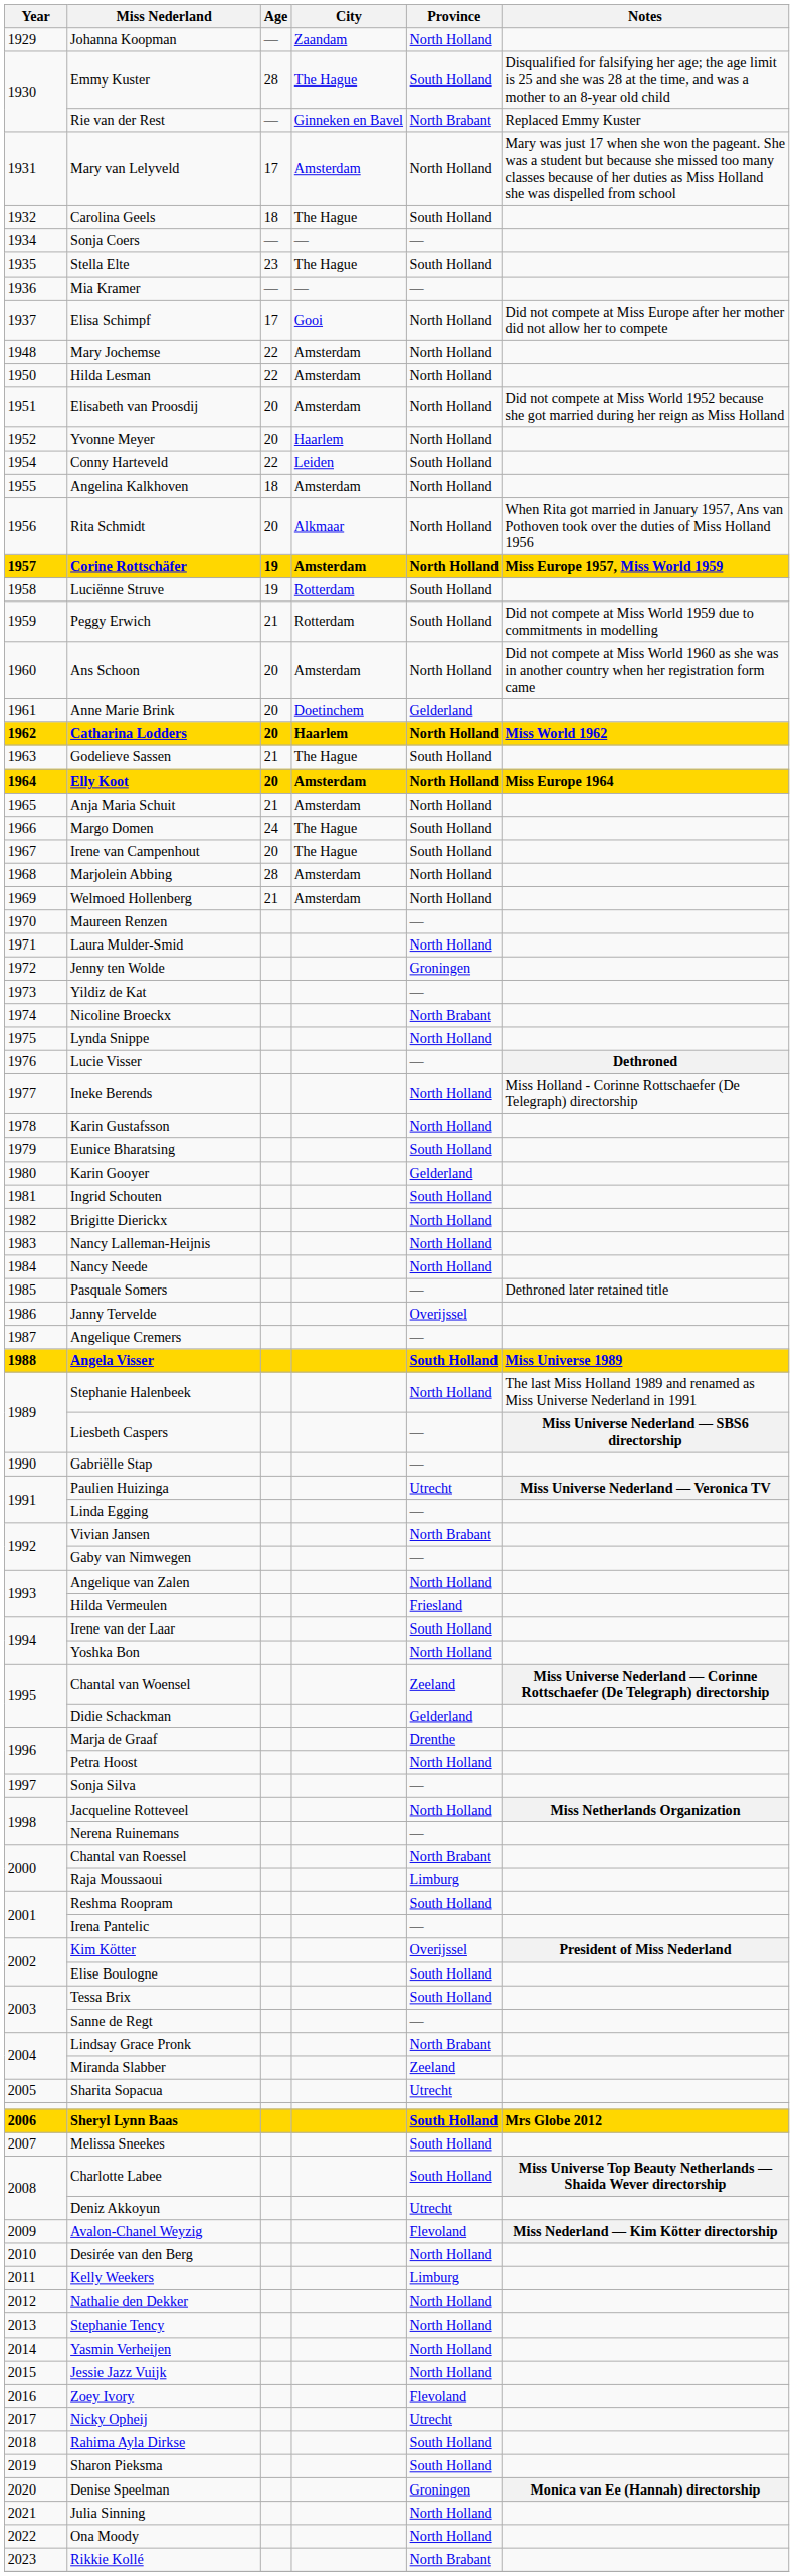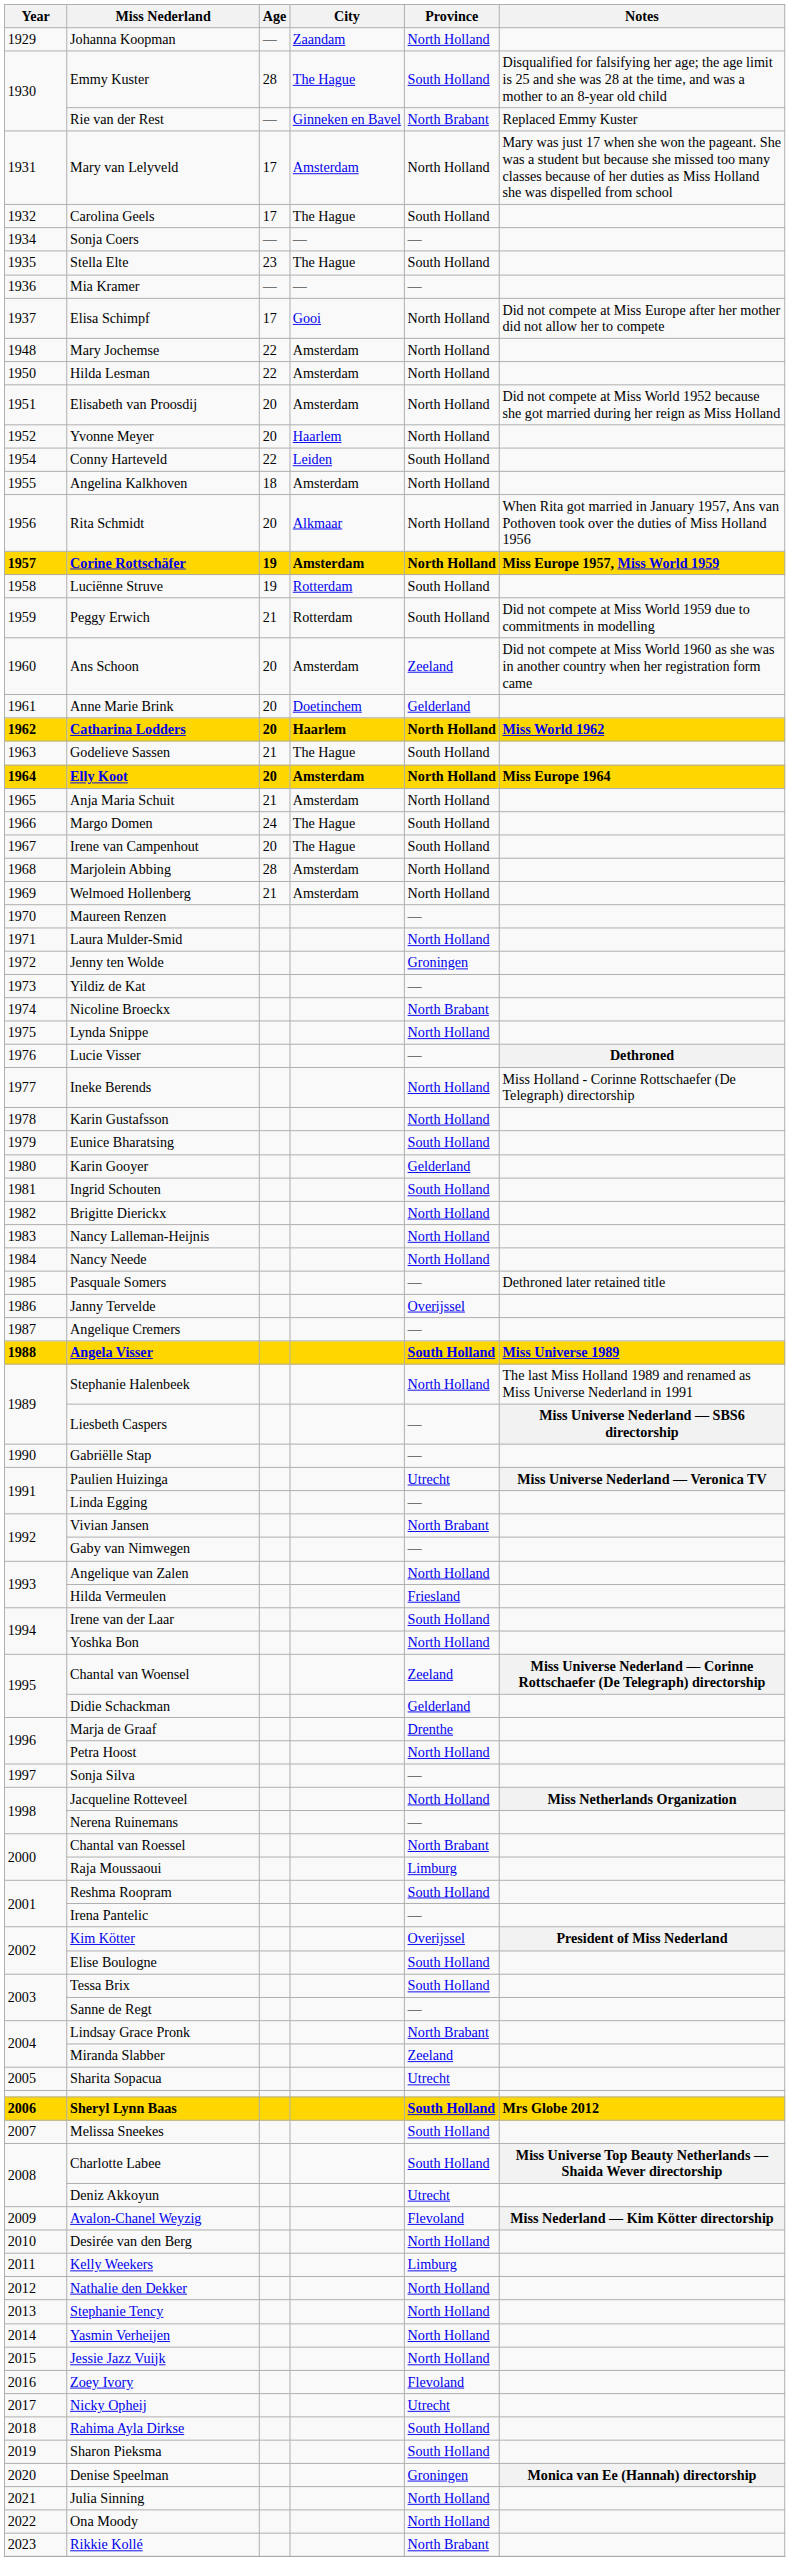 <table class="wikitable sortable" style="font-size: 95%;">
 <tr>
 <th width="60">Year</th>
 <th width="200">Miss Nederland</th>
 <th>Age</th>
 <th>City</th>
 <th>Province</th>
 <th width="300">Notes</th>
 </tr>
 <tr>
 <td>1929</td>
 <td>Johanna Koopman</td>
 <td>—</td>
 <td><a href='#'>Zaandam</a></td>
 <td><a href='#'>North Holland</a></td>
 <td></td>
 </tr>
 <tr>
 <td rowspan="2">1930</td>
 <td>Emmy Kuster</td>
 <td>28</td>
 <td><a href='#'>The Hague</a></td>
 <td><a href='#'>South Holland</a></td>
 <td>Disqualified for falsifying her age; the age limit is 25 and she was 28 at the time, and was a mother to an 8-year old child</td>
 </tr>
 <tr>
 <td>Rie van der Rest</td>
 <td>—</td>
 <td><a href='#'>Ginneken en Bavel</a></td>
 <td><a href='#'>North Brabant</a></td>
 <td>Replaced Emmy Kuster</td>
 </tr>
 <tr>
 <td>1931</td>
 <td>Mary van Lelyveld</td>
 <td>17</td>
 <td><a href='#'>Amsterdam</a></td>
 <td>North Holland</td>
 <td>Mary was just 17 when she won the pageant. She was a student but because she missed too many classes because of her duties as Miss Holland she was dispelled from school</td>
 </tr>
 <tr>
 <td>1932</td>
 <td>Carolina Geels</td>
-<td>18</td>
+<td>17</td>
 <td>The Hague</td>
 <td>South Holland</td>
 <td></td>
 </tr>
 <tr>
 <td>1934</td>
 <td>Sonja Coers</td>
 <td>—</td>
 <td>—</td>
 <td>—</td>
 <td></td>
 </tr>
 <tr>
 <td>1935</td>
 <td>Stella Elte</td>
 <td>23</td>
 <td>The Hague</td>
 <td>South Holland</td>
 <td></td>
 </tr>
 <tr>
 <td>1936</td>
 <td>Mia Kramer</td>
 <td>—</td>
 <td>—</td>
 <td>—</td>
 <td></td>
 </tr>
 <tr>
 <td>1937</td>
 <td>Elisa Schimpf</td>
 <td>17</td>
 <td><a href='#'>Gooi</a></td>
 <td>North Holland</td>
 <td>Did not compete at Miss Europe after her mother did not allow her to compete</td>
 </tr>
 <tr>
 <td>1948</td>
 <td>Mary Jochemse</td>
 <td>22</td>
 <td>Amsterdam</td>
 <td>North Holland</td>
 <td></td>
 </tr>
 <tr>
 <td>1950</td>
 <td>Hilda Lesman</td>
 <td>22</td>
 <td>Amsterdam</td>
 <td>North Holland</td>
 <td></td>
 </tr>
 <tr>
 <td>1951</td>
 <td>Elisabeth van Proosdij</td>
 <td>20</td>
 <td>Amsterdam</td>
 <td>North Holland</td>
 <td>Did not compete at Miss World 1952 because she got married during her reign as Miss Holland</td>
 </tr>
 <tr>
 <td>1952</td>
 <td>Yvonne Meyer</td>
 <td>20</td>
 <td><a href='#'>Haarlem</a></td>
 <td>North Holland</td>
 <td></td>
 </tr>
 <tr>
 <td>1954</td>
 <td>Conny Harteveld</td>
 <td>22</td>
 <td><a href='#'>Leiden</a></td>
 <td>South Holland</td>
 <td></td>
 </tr>
 <tr>
 <td>1955</td>
 <td>Angelina Kalkhoven</td>
 <td>18</td>
 <td>Amsterdam</td>
 <td>North Holland</td>
 <td></td>
 </tr>
 <tr>
 <td>1956</td>
 <td>Rita Schmidt</td>
 <td>20</td>
 <td><a href='#'>Alkmaar</a></td>
 <td>North Holland</td>
 <td>When Rita got married in January 1957, Ans van Pothoven took over the duties of Miss Holland 1956</td>
 </tr>
 <tr style="background-color:gold; font-weight: bold ">
 <td>1957</td>
 <td><a href='#'>Corine Rottschäfer</a></td>
 <td>19</td>
 <td>Amsterdam</td>
 <td>North Holland</td>
 <td>Miss Europe 1957, <a href='#'>Miss World 1959</a></td>
 </tr>
 <tr>
 <td>1958</td>
 <td>Luciënne Struve</td>
 <td>19</td>
 <td><a href='#'>Rotterdam</a></td>
 <td>South Holland</td>
 <td></td>
 </tr>
 <tr>
 <td>1959</td>
 <td>Peggy Erwich</td>
 <td>21</td>
 <td>Rotterdam</td>
 <td>South Holland</td>
 <td>Did not compete at Miss World 1959 due to commitments in modelling</td>
 </tr>
 <tr>
 <td>1960</td>
 <td>Ans Schoon</td>
 <td>20</td>
 <td>Amsterdam</td>
-<td>North Holland</td>
+<td><a href='#'>Zeeland</a></td>
 <td>Did not compete at Miss World 1960 as she was in another country when her registration form came</td>
 </tr>
 <tr>
 <td>1961</td>
 <td>Anne Marie Brink</td>
 <td>20</td>
 <td><a href='#'>Doetinchem</a></td>
 <td><a href='#'>Gelderland</a></td>
 <td></td>
 </tr>
 <tr style="background-color:gold; font-weight: bold ">
 <td>1962</td>
 <td><a href='#'>Catharina Lodders</a></td>
 <td>20</td>
 <td>Haarlem</td>
 <td>North Holland</td>
 <td><a href='#'>Miss World 1962</a></td>
 </tr>
 <tr>
 <td>1963</td>
 <td>Godelieve Sassen</td>
 <td>21</td>
 <td>The Hague</td>
 <td>South Holland</td>
 <td></td>
 </tr>
 <tr style="background-color:gold; font-weight: bold ">
 <td>1964</td>
 <td><a href='#'>Elly Koot</a></td>
 <td>20</td>
 <td>Amsterdam</td>
 <td>North Holland</td>
 <td>Miss Europe 1964</td>
 </tr>
 <tr>
 <td>1965</td>
 <td>Anja Maria Schuit</td>
 <td>21</td>
 <td>Amsterdam</td>
 <td>North Holland</td>
 <td></td>
 </tr>
 <tr>
 <td>1966</td>
 <td>Margo Domen</td>
 <td>24</td>
 <td>The Hague</td>
 <td>South Holland</td>
 <td></td>
 </tr>
 <tr>
 <td>1967</td>
 <td>Irene van Campenhout</td>
 <td>20</td>
 <td>The Hague</td>
 <td>South Holland</td>
 <td></td>
 </tr>
 <tr>
 <td>1968</td>
 <td>Marjolein Abbing</td>
 <td>28</td>
 <td>Amsterdam</td>
 <td>North Holland</td>
 <td></td>
 </tr>
 <tr>
 <td>1969</td>
 <td>Welmoed Hollenberg</td>
 <td>21</td>
 <td>Amsterdam</td>
 <td>North Holland</td>
 <td></td>
 </tr>
 <tr>
 <td>1970</td>
 <td>Maureen Renzen</td>
 <td></td>
 <td></td>
 <td>—</td>
 <td></td>
 </tr>
 <tr>
 <td>1971</td>
 <td>Laura Mulder-Smid</td>
 <td></td>
 <td></td>
 <td><a href='#'>North Holland</a></td>
 <td></td>
 </tr>
 <tr>
 <td>1972</td>
 <td>Jenny ten Wolde</td>
 <td></td>
 <td></td>
 <td><a href='#'>Groningen</a></td>
 <td></td>
 </tr>
 <tr>
 <td>1973</td>
 <td>Yildiz de Kat</td>
 <td></td>
 <td></td>
 <td>—</td>
 <td></td>
 </tr>
 <tr>
 <td>1974</td>
 <td>Nicoline Broeckx</td>
 <td></td>
 <td></td>
 <td><a href='#'>North Brabant</a></td>
 <td></td>
 </tr>
 <tr>
 <td>1975</td>
 <td>Lynda Snippe</td>
 <td></td>
 <td></td>
 <td><a href='#'>North Holland</a></td>
 <td></td>
 </tr>
 <tr>
 <td>1976</td>
 <td>Lucie Visser</td>
 <td></td>
 <td></td>
 <td>—</td>
 <th>Dethroned</th>
 </tr>
 <tr>
 <td>1977</td>
 <td>Ineke Berends</td>
 <td></td>
 <td></td>
 <td><a href='#'>North Holland</a></td>
 <td>Miss Holland - Corinne Rottschaefer (De Telegraph) directorship</td>
 </tr>
 <tr>
 <td>1978</td>
 <td>Karin Gustafsson</td>
 <td></td>
 <td></td>
 <td><a href='#'>North Holland</a></td>
 <td></td>
 </tr>
 <tr>
 <td>1979</td>
 <td>Eunice Bharatsing</td>
 <td></td>
 <td></td>
 <td><a href='#'>South Holland</a></td>
 <td></td>
 </tr>
 <tr>
 <td>1980</td>
 <td>Karin Gooyer</td>
 <td></td>
 <td></td>
 <td><a href='#'>Gelderland</a></td>
 <td></td>
 </tr>
 <tr>
 <td>1981</td>
 <td>Ingrid Schouten</td>
 <td></td>
 <td></td>
 <td><a href='#'>South Holland</a></td>
 <td></td>
 </tr>
 <tr>
 <td>1982</td>
 <td>Brigitte Dierickx</td>
 <td></td>
 <td></td>
 <td><a href='#'>North Holland</a></td>
 <td></td>
 </tr>
 <tr>
 <td>1983</td>
 <td>Nancy Lalleman-Heijnis</td>
 <td></td>
 <td></td>
 <td><a href='#'>North Holland</a></td>
 <td></td>
 </tr>
 <tr>
 <td>1984</td>
 <td>Nancy Neede</td>
 <td></td>
 <td></td>
 <td><a href='#'>North Holland</a></td>
 <td></td>
 </tr>
 <tr>
 <td>1985</td>
 <td>Pasquale Somers</td>
 <td></td>
 <td></td>
 <td>—</td>
 <td>Dethroned later retained title</td>
 </tr>
 <tr>
 <td>1986</td>
 <td>Janny Tervelde</td>
 <td></td>
 <td></td>
 <td><a href='#'>Overijssel</a></td>
 <td></td>
 </tr>
 <tr>
 <td>1987</td>
 <td>Angelique Cremers</td>
 <td></td>
 <td></td>
 <td>—</td>
 <td></td>
 </tr>
 <tr style="background-color:gold; font-weight: bold ">
 <td>1988</td>
 <td><a href='#'>Angela Visser</a></td>
 <td></td>
 <td></td>
 <td><a href='#'>South Holland</a></td>
 <td><a href='#'>Miss Universe 1989</a></td>
 </tr>
 <tr>
 <td rowspan=2>1989</td>
 <td>Stephanie Halenbeek</td>
 <td></td>
 <td></td>
 <td><a href='#'>North Holland</a></td>
 <td>The last Miss Holland 1989 and renamed as Miss Universe Nederland in 1991</td>
 </tr>
 <tr>
 <td>Liesbeth Caspers</td>
 <td></td>
 <td></td>
 <td>—</td>
 <th>Miss Universe Nederland — SBS6 directorship</th>
 </tr>
 <tr>
 <td>1990</td>
 <td>Gabriëlle Stap</td>
 <td></td>
 <td></td>
 <td>—</td>
 <td></td>
 </tr>
 <tr>
 <td rowspan=2>1991</td>
 <td>Paulien Huizinga</td>
 <td></td>
 <td></td>
 <td><a href='#'>Utrecht</a></td>
 <th>Miss Universe Nederland — Veronica TV</th>
 </tr>
 <tr>
 <td>Linda Egging</td>
 <td></td>
 <td></td>
 <td>—</td>
 <td></td>
 </tr>
 <tr>
 <td rowspan=2>1992</td>
 <td>Vivian Jansen</td>
 <td></td>
 <td></td>
 <td><a href='#'>North Brabant</a></td>
 <td></td>
 </tr>
 <tr>
 <td>Gaby van Nimwegen</td>
 <td></td>
 <td></td>
 <td>—</td>
 <td></td>
 </tr>
 <tr>
 <td rowspan=2>1993</td>
 <td>Angelique van Zalen</td>
 <td></td>
 <td></td>
 <td><a href='#'>North Holland</a></td>
 <td></td>
 </tr>
 <tr>
 <td>Hilda Vermeulen</td>
 <td></td>
 <td></td>
 <td><a href='#'>Friesland</a></td>
 <td></td>
 </tr>
 <tr>
 <td rowspan=2>1994</td>
 <td>Irene van der Laar</td>
 <td></td>
 <td></td>
 <td><a href='#'>South Holland</a></td>
 <td></td>
 </tr>
 <tr>
 <td>Yoshka Bon</td>
 <td></td>
 <td></td>
 <td><a href='#'>North Holland</a></td>
 <td></td>
 </tr>
 <tr>
 <td rowspan=2>1995</td>
 <td>Chantal van Woensel</td>
 <td></td>
 <td></td>
 <td><a href='#'>Zeeland</a></td>
 <th>Miss Universe Nederland — Corinne Rottschaefer (De Telegraph) directorship</th>
 </tr>
 <tr>
 <td>Didie Schackman</td>
 <td></td>
 <td></td>
 <td><a href='#'>Gelderland</a></td>
 <td></td>
 </tr>
 <tr>
 <td rowspan=2>1996</td>
 <td>Marja de Graaf</td>
 <td></td>
 <td></td>
 <td><a href='#'>Drenthe</a></td>
 <td></td>
 </tr>
 <tr>
 <td>Petra Hoost</td>
 <td></td>
 <td></td>
 <td><a href='#'>North Holland</a></td>
 <td></td>
 </tr>
 <tr>
 <td>1997</td>
 <td>Sonja Silva</td>
 <td></td>
 <td></td>
 <td>—</td>
 <td></td>
 </tr>
 <tr>
 <td rowspan=2>1998</td>
 <td>Jacqueline Rotteveel</td>
 <td></td>
 <td></td>
 <td><a href='#'>North Holland</a></td>
 <th>Miss Netherlands Organization</th>
 </tr>
 <tr>
 <td>Nerena Ruinemans</td>
 <td></td>
 <td></td>
 <td>—</td>
 <td></td>
 </tr>
 <tr>
 <td rowspan=2>2000</td>
 <td>Chantal van Roessel</td>
 <td></td>
 <td></td>
 <td><a href='#'>North Brabant</a></td>
 <td></td>
 </tr>
 <tr>
 <td>Raja Moussaoui</td>
 <td></td>
 <td></td>
 <td><a href='#'>Limburg</a></td>
 <td></td>
 </tr>
 <tr>
 <td rowspan=2>2001</td>
 <td>Reshma Roopram</td>
 <td></td>
 <td></td>
 <td><a href='#'>South Holland</a></td>
 <td></td>
 </tr>
 <tr>
 <td>Irena Pantelic</td>
 <td></td>
 <td></td>
 <td>—</td>
 <td></td>
 </tr>
 <tr>
 <td rowspan=2>2002</td>
 <td><a href='#'>Kim Kötter</a></td>
 <td></td>
 <td></td>
 <td><a href='#'>Overijssel</a></td>
 <th>President of Miss Nederland</th>
 </tr>
 <tr>
 <td>Elise Boulogne</td>
 <td></td>
 <td></td>
 <td><a href='#'>South Holland</a></td>
 <td></td>
 </tr>
 <tr>
 <td rowspan=2>2003</td>
 <td>Tessa Brix</td>
 <td></td>
 <td></td>
 <td><a href='#'>South Holland</a></td>
 <td></td>
 </tr>
 <tr>
 <td>Sanne de Regt</td>
 <td></td>
 <td></td>
 <td>—</td>
 <td></td>
 </tr>
 <tr>
 <td rowspan=2>2004</td>
 <td>Lindsay Grace Pronk</td>
 <td></td>
 <td></td>
 <td><a href='#'>North Brabant</a></td>
 <td></td>
 </tr>
 <tr>
 <td>Miranda Slabber</td>
 <td></td>
 <td></td>
 <td><a href='#'>Zeeland</a></td>
 <td></td>
 </tr>
 <tr>
 <td>2005</td>
 <td>Sharita Sopacua</td>
 <td></td>
 <td></td>
 <td><a href='#'>Utrecht</a></td>
 <td></td>
 </tr>
 <tr>
 <td></td>
 <td></td>
 <td></td>
 <td></td>
 <td></td>
 </tr>
 <tr style="background-color:gold; font-weight: bold ">
 <td>2006</td>
 <td>Sheryl Lynn Baas</td>
 <td></td>
 <td></td>
 <td><a href='#'>South Holland</a></td>
 <td>Mrs Globe 2012</td>
 </tr>
 <tr>
 <td>2007</td>
 <td>Melissa Sneekes</td>
 <td></td>
 <td></td>
 <td><a href='#'>South Holland</a></td>
 <td></td>
 </tr>
 <tr>
 <td rowspan=2>2008</td>
 <td>Charlotte Labee</td>
 <td></td>
 <td></td>
 <td><a href='#'>South Holland</a></td>
 <th>Miss Universe Top Beauty Netherlands — Shaida Wever directorship</th>
 </tr>
 <tr>
 <td>Deniz Akkoyun</td>
 <td></td>
 <td></td>
 <td><a href='#'>Utrecht</a></td>
 <td></td>
 </tr>
 <tr>
 <td>2009</td>
 <td><a href='#'>Avalon-Chanel Weyzig</a></td>
 <td></td>
 <td></td>
 <td><a href='#'>Flevoland</a></td>
 <th>Miss Nederland — Kim Kötter directorship</th>
 </tr>
 <tr>
 <td>2010</td>
 <td>Desirée van den Berg</td>
 <td></td>
 <td></td>
 <td><a href='#'>North Holland</a></td>
 <td></td>
 </tr>
 <tr>
 <td>2011</td>
 <td><a href='#'>Kelly Weekers</a></td>
 <td></td>
 <td></td>
 <td><a href='#'>Limburg</a></td>
 <td></td>
 </tr>
 <tr>
 <td>2012</td>
 <td><a href='#'>Nathalie den Dekker</a></td>
 <td></td>
 <td></td>
 <td><a href='#'>North Holland</a></td>
 <td></td>
 </tr>
 <tr>
 <td>2013</td>
 <td><a href='#'>Stephanie Tency</a></td>
 <td></td>
 <td></td>
 <td><a href='#'>North Holland</a></td>
 <td></td>
 </tr>
 <tr>
 <td>2014</td>
 <td><a href='#'>Yasmin Verheijen</a></td>
 <td></td>
 <td></td>
 <td><a href='#'>North Holland</a></td>
 <td></td>
 </tr>
 <tr>
 <td>2015</td>
 <td><a href='#'>Jessie Jazz Vuijk</a></td>
 <td></td>
 <td></td>
 <td><a href='#'>North Holland</a></td>
 <td></td>
 </tr>
 <tr>
 <td>2016</td>
 <td><a href='#'>Zoey Ivory</a></td>
 <td></td>
 <td></td>
 <td><a href='#'>Flevoland</a></td>
 <td></td>
 </tr>
 <tr>
 <td>2017</td>
 <td><a href='#'>Nicky Opheij</a></td>
 <td></td>
 <td></td>
 <td><a href='#'>Utrecht</a></td>
 <td></td>
 </tr>
 <tr>
 <td>2018</td>
 <td><a href='#'>Rahima Ayla Dirkse</a></td>
 <td></td>
 <td></td>
 <td><a href='#'>South Holland</a></td>
 <td></td>
 </tr>
 <tr>
 <td>2019</td>
 <td>Sharon Pieksma</td>
 <td></td>
 <td></td>
 <td><a href='#'>South Holland</a></td>
 <td></td>
 </tr>
 <tr>
 <td>2020</td>
 <td>Denise Speelman</td>
 <td></td>
 <td></td>
 <td><a href='#'>Groningen</a></td>
 <th>Monica van Ee (Hannah) directorship</th>
 </tr>
 <tr>
 <td>2021</td>
 <td>Julia Sinning</td>
 <td></td>
 <td></td>
 <td><a href='#'>North Holland</a></td>
 <td></td>
 </tr>
 <tr>
 <td>2022</td>
 <td>Ona Moody</td>
 <td></td>
 <td></td>
 <td><a href='#'>North Holland</a></td>
 <td></td>
 </tr>
 <tr>
 <td>2023</td>
 <td><a href='#'>Rikkie Kollé</a></td>
 <td></td>
 <td></td>
 <td><a href='#'>North Brabant</a></td>
 <td></td>
 </tr>
 <tr>
 </tr>
 </table>
